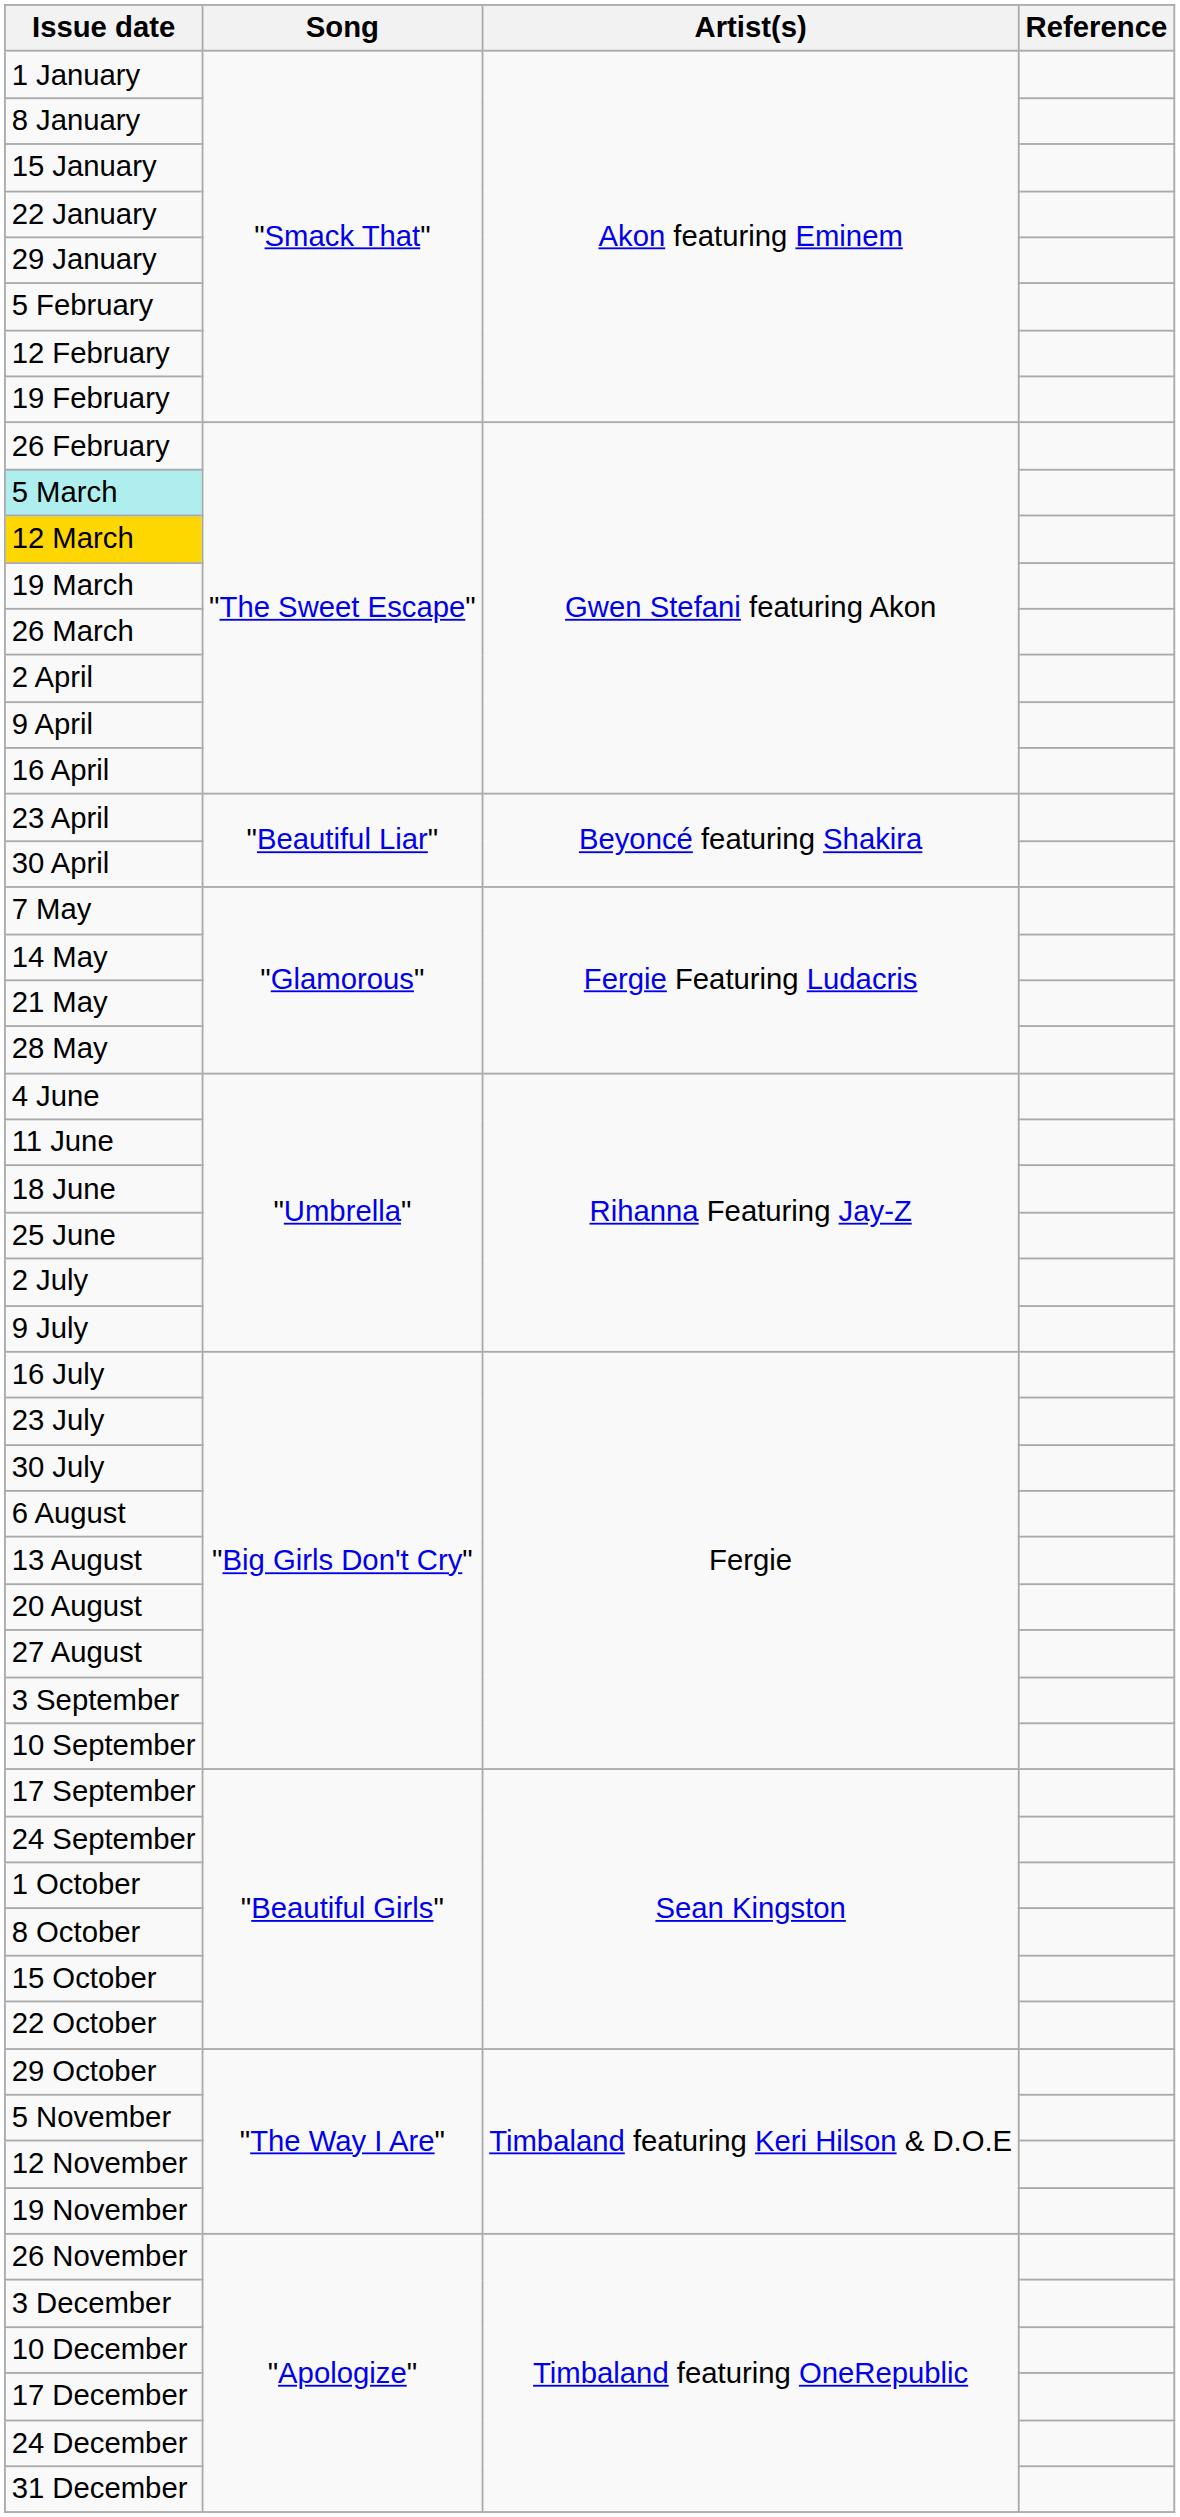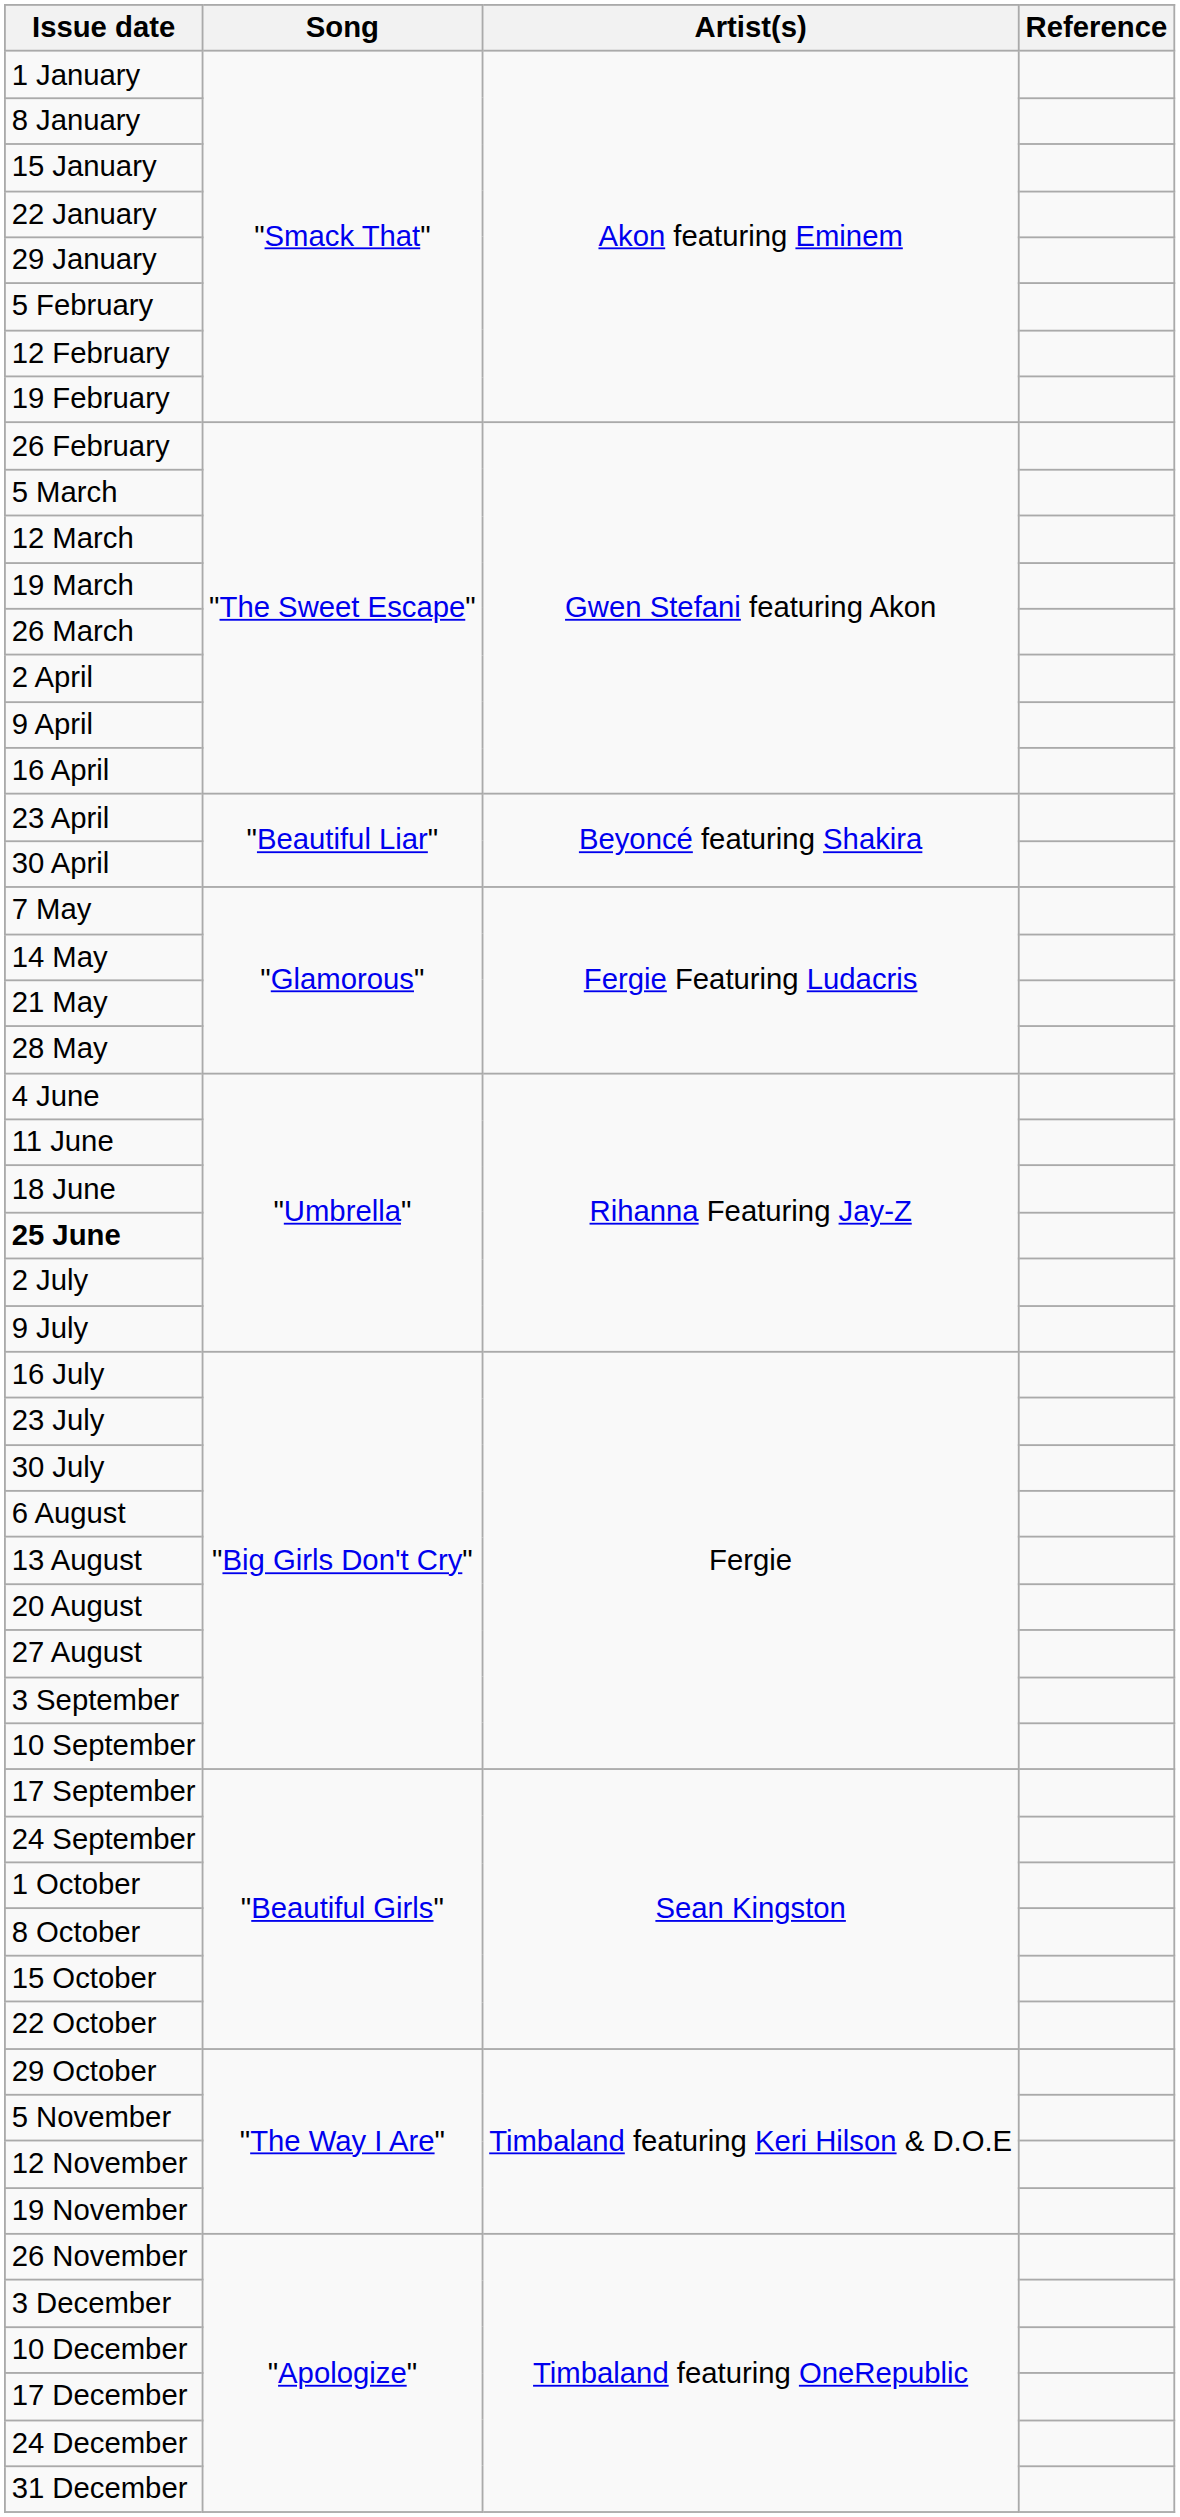 <table class="wikitable">
 <tr>
 <th>Issue date</th>
 <th>Song</th>
 <th>Artist(s)</th>
 <th>Reference</th>
 </tr>
 <tr>
 <td align="left">1 January</td>
 <td align="center" rowspan="8">"<a href='#'>Smack That</a>"</td>
 <td align="center" rowspan="8"><a href='#'>Akon</a> featuring <a href='#'>Eminem</a></td>
 <td align="center"></td>
 </tr>
 <tr>
 <td align="left">8 January</td>
 <td align="center"></td>
 </tr>
 <tr>
 <td align="left">15 January</td>
 <td align="center"></td>
 </tr>
 <tr>
 <td align="left">22 January</td>
 <td align="center"></td>
 </tr>
 <tr>
 <td align="left">29 January</td>
 <td align="center"></td>
 </tr>
 <tr>
 <td align="left">5 February</td>
 <td align="center"></td>
 </tr>
 <tr>
 <td align="left">12 February</td>
 <td align="center"></td>
 </tr>
 <tr>
 <td align="left">19 February</td>
 <td align="center"></td>
 </tr>
 <tr>
 <td align="left">26 February</td>
 <td align="center" rowspan="8">"<a href='#'>The Sweet Escape</a>"</td>
 <td align="center" rowspan="8"><a href='#'>Gwen Stefani</a> featuring Akon</td>
 <td align="center"></td>
 </tr>
 <tr>
-<td align="left" style="background: paleturquoise;">5 March</td>
+<td align="left">5 March</td>
 <td align="center"></td>
 </tr>
 <tr>
-<td align="left" style="background: gold;">12 March</td>
+<td align="left">12 March</td>
 <td align="center"></td>
 </tr>
 <tr>
 <td align="left">19 March</td>
 <td align="center"></td>
 </tr>
 <tr>
 <td align="left">26 March</td>
 <td align="center"></td>
 </tr>
 <tr>
 <td align="left">2 April</td>
 <td align="center"></td>
 </tr>
 <tr>
 <td align="left">9 April</td>
 <td align="center"></td>
 </tr>
 <tr>
 <td align="left">16 April</td>
 <td align="center"></td>
 </tr>
 <tr>
 <td align="left">23 April</td>
 <td align="center" rowspan="2">"<a href='#'>Beautiful Liar</a>"</td>
 <td align="center" rowspan="2"><a href='#'>Beyoncé</a> featuring <a href='#'>Shakira</a></td>
 <td align="center"></td>
 </tr>
 <tr>
 <td align="left">30 April</td>
 <td align="center"></td>
 </tr>
 <tr>
 <td align="left">7 May</td>
 <td align="center" rowspan="4">"<a href='#'>Glamorous</a>"</td>
 <td align="center" rowspan="4"><a href='#'>Fergie</a> Featuring <a href='#'>Ludacris</a></td>
 <td align="center"></td>
 </tr>
 <tr>
 <td align="left">14 May</td>
 <td align="center"></td>
 </tr>
 <tr>
 <td align="left">21 May</td>
 <td align="center"></td>
 </tr>
 <tr>
 <td align="left">28 May</td>
 <td align="center"></td>
 </tr>
 <tr>
 <td align="left">4 June</td>
 <td align="center" rowspan="6">"<a href='#'>Umbrella</a>"</td>
 <td align="center" rowspan="6"><a href='#'>Rihanna</a> Featuring <a href='#'>Jay-Z</a></td>
 <td align="center"></td>
 </tr>
 <tr>
 <td align="left">11 June</td>
 <td align="center"></td>
 </tr>
 <tr>
 <td align="left">18 June</td>
 <td align="center"></td>
 </tr>
 <tr>
-<td align="left">25 June</td>
+<td align="left"><strong>25 June</strong></td>
 <td align="center"></td>
 </tr>
 <tr>
 <td align="left">2 July</td>
 <td align="center"></td>
 </tr>
 <tr>
 <td align="left">9 July</td>
 <td align="center"></td>
 </tr>
 <tr>
 <td align="left">16 July</td>
 <td align="center" rowspan="9">"<a href='#'>Big Girls Don't Cry</a>"</td>
 <td align="center" rowspan="9">Fergie</td>
 <td align="center"></td>
 </tr>
 <tr>
 <td align="left">23 July</td>
 <td align="center"></td>
 </tr>
 <tr>
 <td align="left">30 July</td>
 <td align="center"></td>
 </tr>
 <tr>
 <td align="left">6 August</td>
 <td align="center"></td>
 </tr>
 <tr>
 <td align="left">13 August</td>
 <td align="center"></td>
 </tr>
 <tr>
 <td align="left">20 August</td>
 <td align="center"></td>
 </tr>
 <tr>
 <td align="left">27 August</td>
 <td align="center"></td>
 </tr>
 <tr>
 <td align="left">3 September</td>
 <td align="center"></td>
 </tr>
 <tr>
 <td align="left">10 September</td>
 <td align="center"></td>
 </tr>
 <tr>
 <td align="left">17 September</td>
 <td align="center" rowspan="6">"<a href='#'>Beautiful Girls</a>"</td>
 <td align="center" rowspan="6"><a href='#'>Sean Kingston</a></td>
 <td align="center"></td>
 </tr>
 <tr>
 <td align="left">24 September</td>
 <td align="center"></td>
 </tr>
 <tr>
 <td align="left">1 October</td>
 <td align="center"></td>
 </tr>
 <tr>
 <td align="left">8 October</td>
 <td align="center"></td>
 </tr>
 <tr>
 <td align="left">15 October</td>
 <td align="center"></td>
 </tr>
 <tr>
 <td align="left">22 October</td>
 <td align="center"></td>
 </tr>
 <tr>
 <td align="left">29 October</td>
 <td align="center" rowspan="4">"<a href='#'>The Way I Are</a>"</td>
 <td align="center" rowspan="4"><a href='#'>Timbaland</a> featuring <a href='#'>Keri Hilson</a> & D.O.E</td>
 <td align="center"></td>
 </tr>
 <tr>
 <td align="left">5 November</td>
 <td align="center"></td>
 </tr>
 <tr>
 <td align="left">12 November</td>
 <td align="center"></td>
 </tr>
 <tr>
 <td align="left">19 November</td>
 <td align="center"></td>
 </tr>
 <tr>
 <td align="left">26 November</td>
 <td align="center" rowspan="6">"<a href='#'>Apologize</a>"</td>
 <td align="center" rowspan="6"><a href='#'>Timbaland</a> featuring <a href='#'>OneRepublic</a></td>
 <td align="center"></td>
 </tr>
 <tr>
 <td align="left">3 December</td>
 <td align="center"></td>
 </tr>
 <tr>
 <td align="left">10 December</td>
 <td align="center"></td>
 </tr>
 <tr>
 <td align="left">17 December</td>
 <td align="center"></td>
 </tr>
 <tr>
 <td align="left">24 December</td>
 <td align="center"></td>
 </tr>
 <tr>
 <td align="left">31 December</td>
 <td align="center"></td>
 </tr>
 </table>
